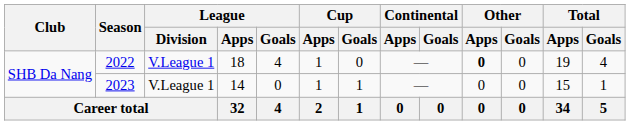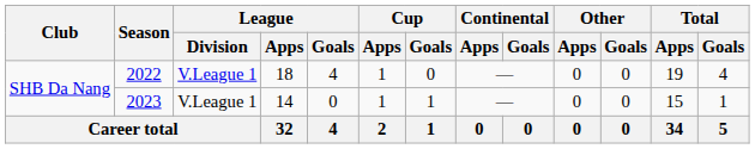 <table class="wikitable" style="text-align: center">
 <tr>
 <th rowspan="2">Club</th>
 <th rowspan="2">Season</th>
 <th colspan="3">League</th>
 <th colspan="2">Cup</th>
 <th colspan="2">Continental</th>
 <th colspan="2">Other</th>
 <th colspan="2">Total</th>
 </tr>
 <tr>
 <th>Division</th>
 <th>Apps</th>
 <th>Goals</th>
 <th>Apps</th>
 <th>Goals</th>
 <th>Apps</th>
 <th>Goals</th>
 <th>Apps</th>
 <th>Goals</th>
 <th>Apps</th>
 <th>Goals</th>
 </tr>
 <tr>
 <td rowspan=2><a href='#'>SHB Da Nang</a></td>
 <td><a href='#'>2022</a></td>
 <td><a href='#'>V.League 1</a></td>
 <td>18</td>
 <td>4</td>
 <td>1</td>
 <td>0</td>
 <td colspan="2">—</td>
-<td><strong>0</strong></td>
+<td>0</td>
 <td>0</td>
 <td>19</td>
 <td>4</td>
 </tr>
 <tr>
 <td><a href='#'>2023</a></td>
 <td>V.League 1</td>
 <td>14</td>
 <td>0</td>
 <td>1</td>
 <td>1</td>
 <td colspan="2">—</td>
 <td>0</td>
 <td>0</td>
 <td>15</td>
 <td>1</td>
 </tr>
 <tr>
 <th colspan="3">Career total</th>
 <th>32</th>
 <th>4</th>
 <th>2</th>
 <th>1</th>
 <th>0</th>
 <th>0</th>
 <th>0</th>
 <th>0</th>
 <th>34</th>
 <th>5</th>
 </tr>
 </table>
